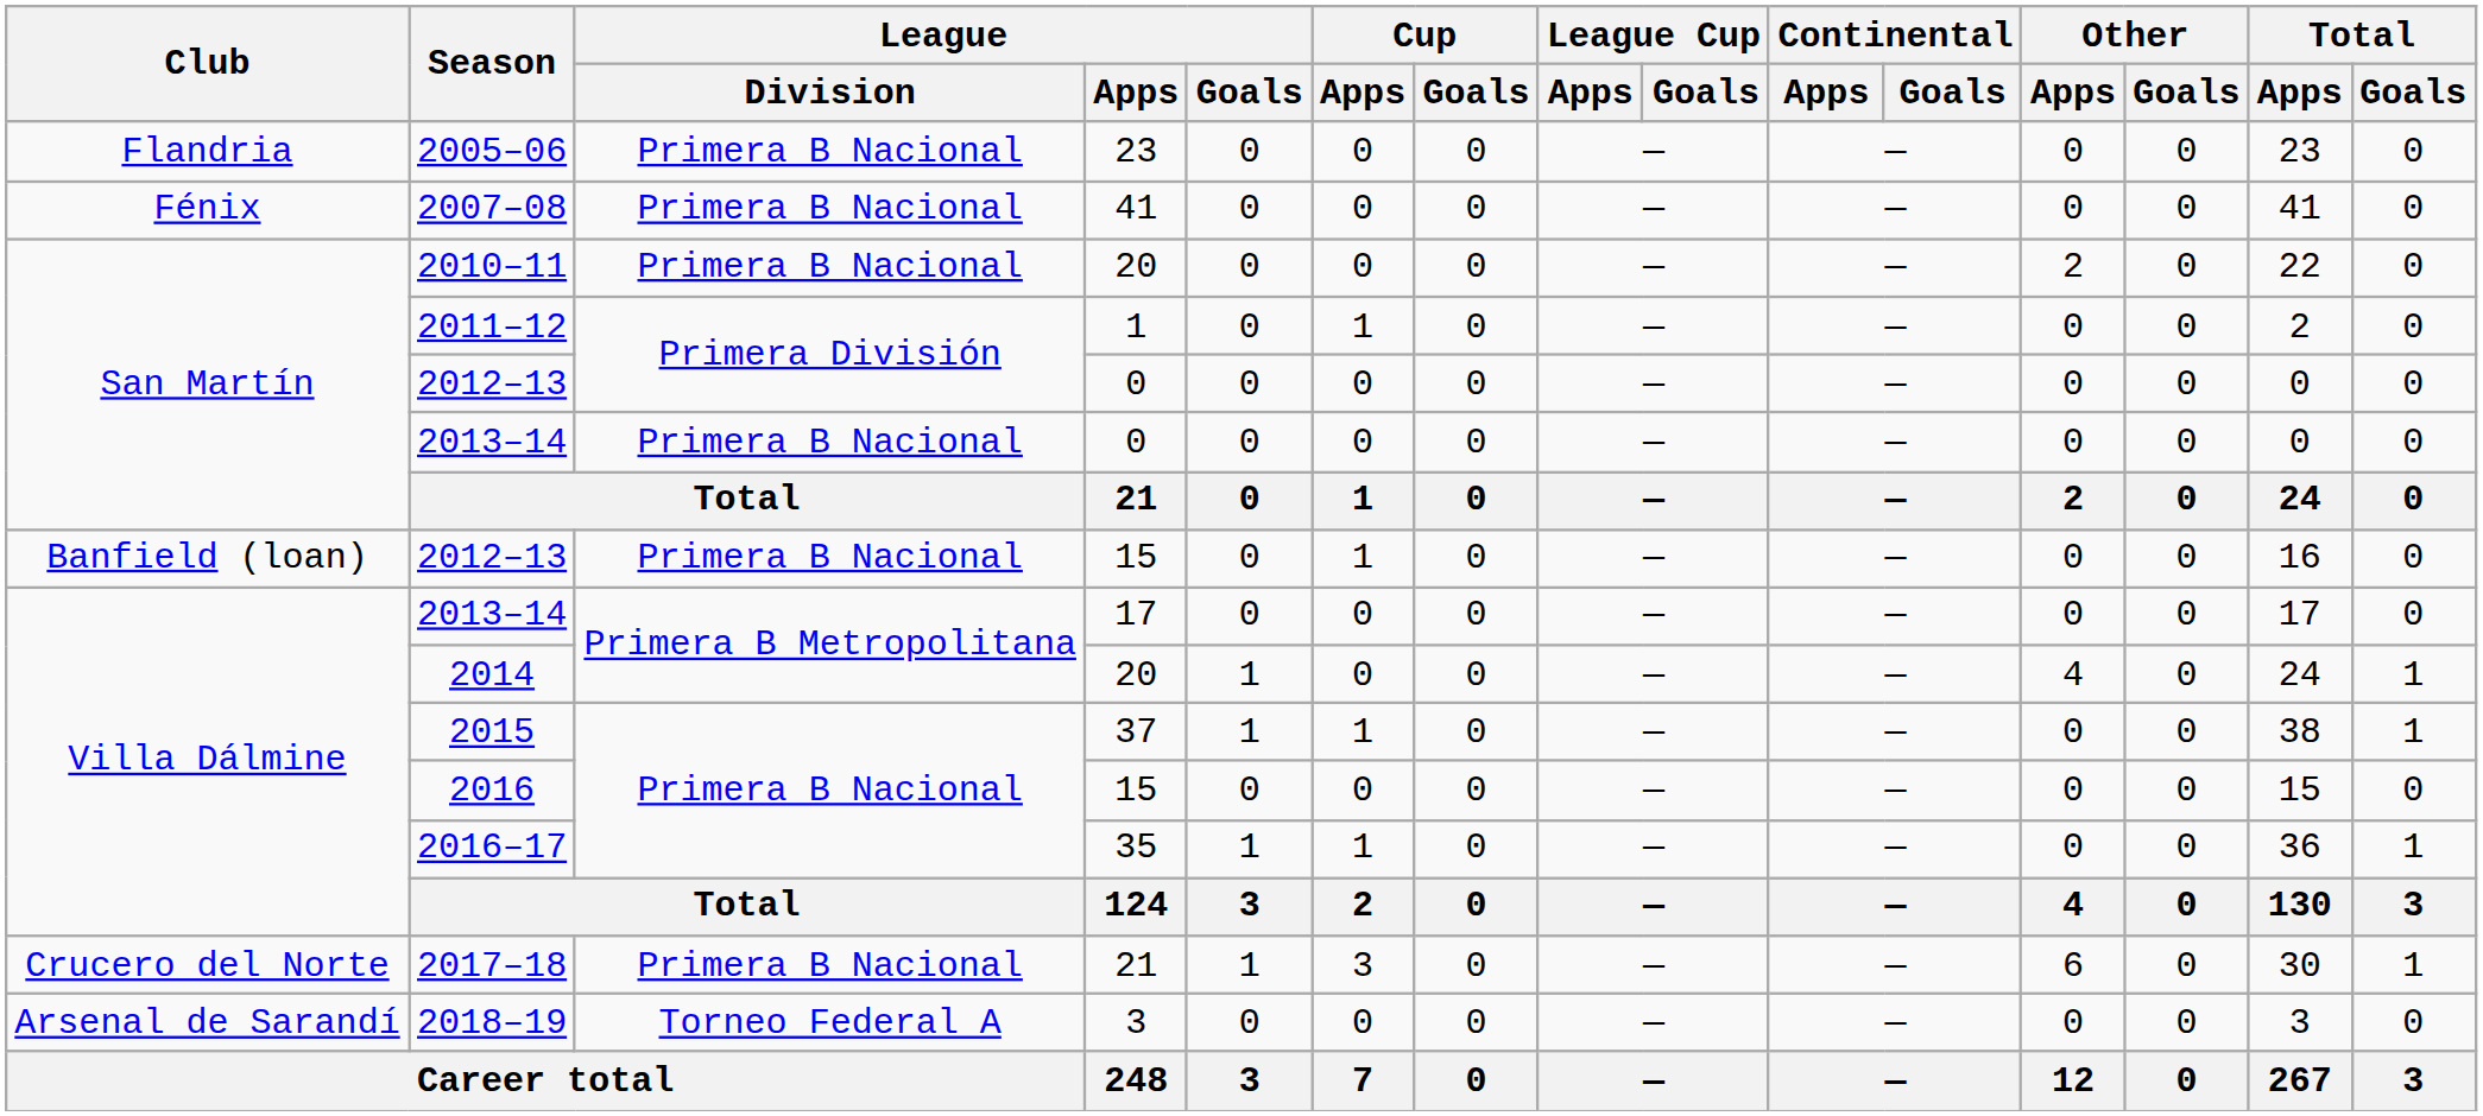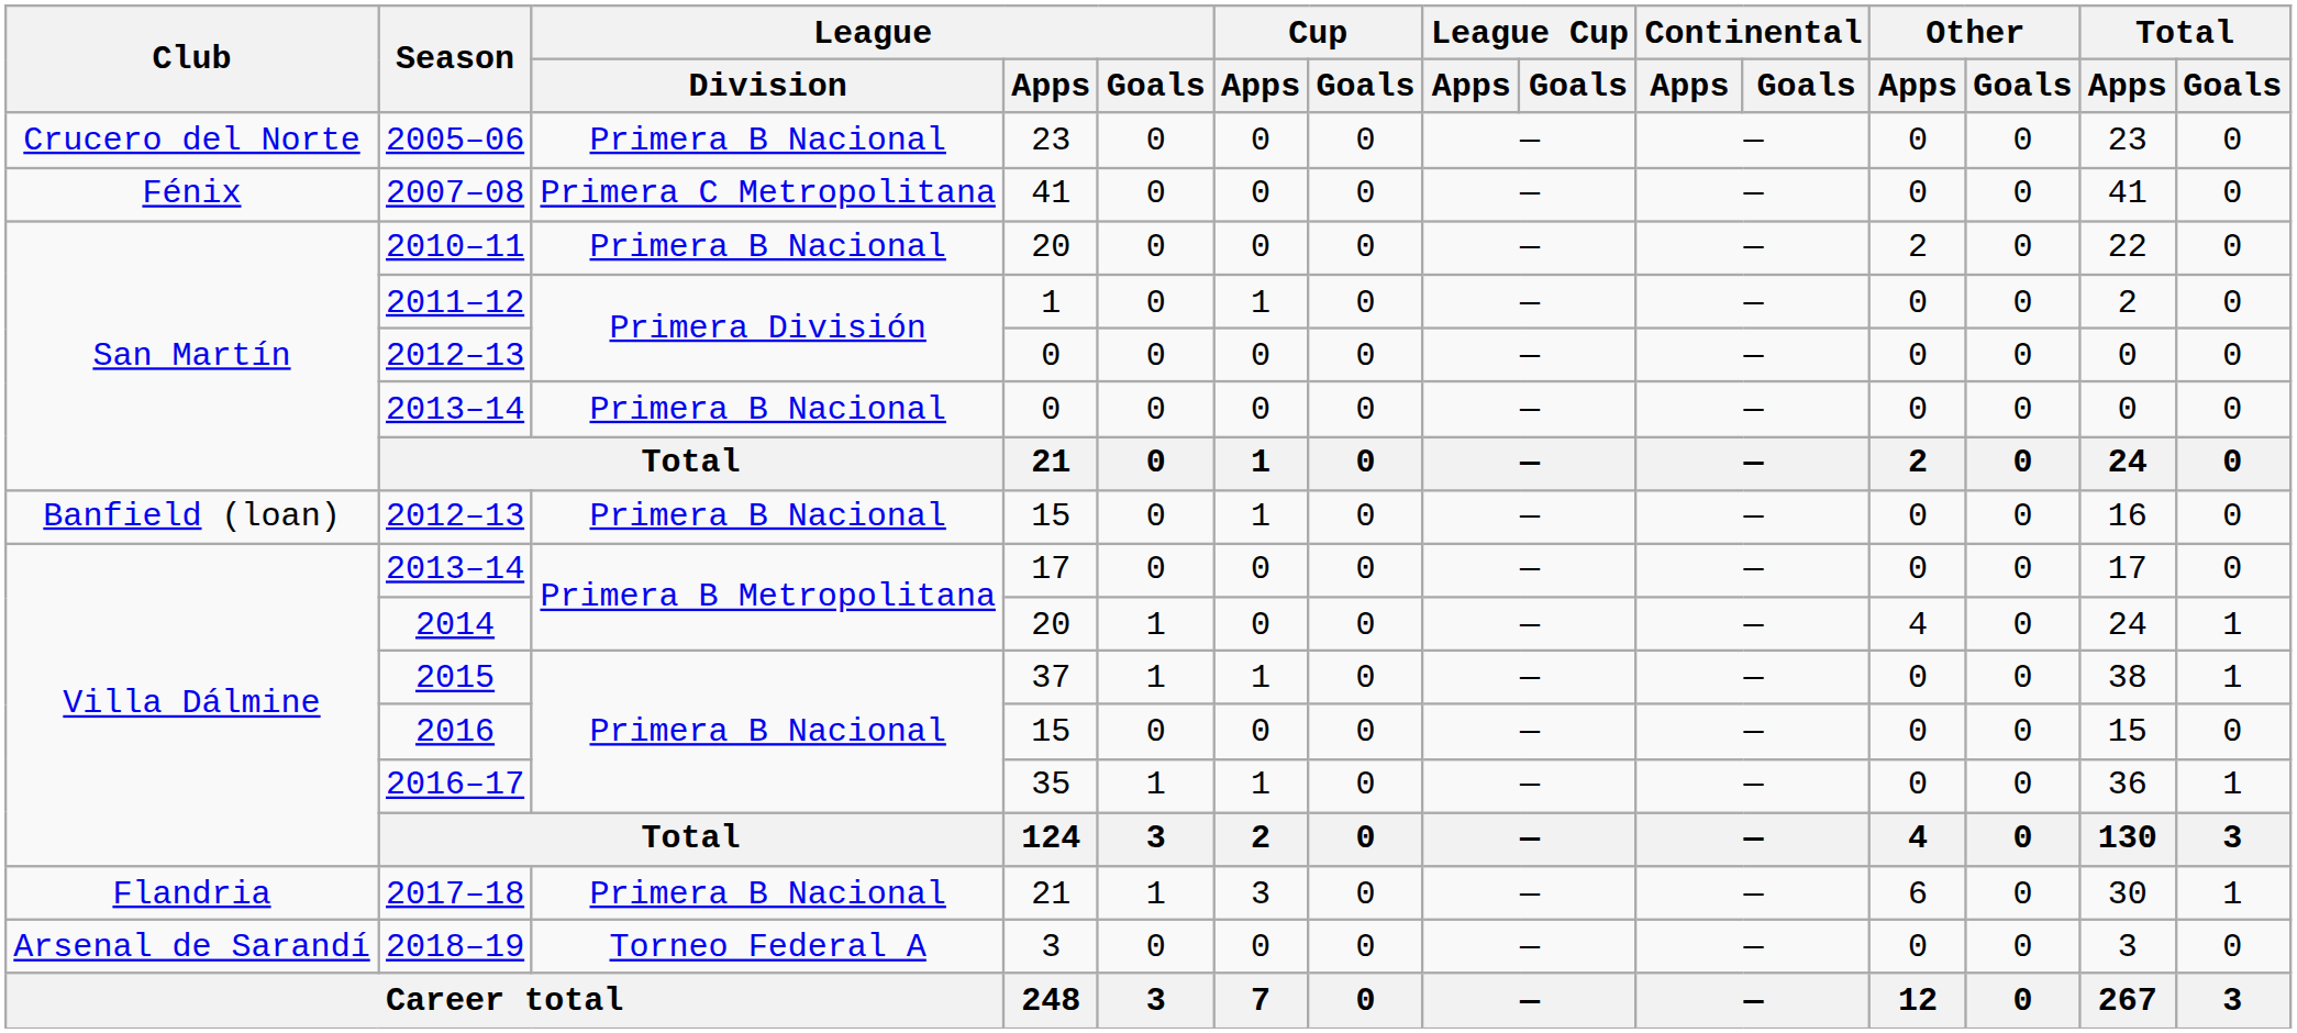 <table class="wikitable" style="text-align:center">
 <tr>
 <th rowspan="2">Club</th>
 <th rowspan="2">Season</th>
 <th colspan="3">League</th>
 <th colspan="2">Cup</th>
 <th colspan="2">League Cup</th>
 <th colspan="2">Continental</th>
 <th colspan="2">Other</th>
 <th colspan="2">Total</th>
 </tr>
 <tr>
 <th>Division</th>
 <th>Apps</th>
 <th>Goals</th>
 <th>Apps</th>
 <th>Goals</th>
 <th>Apps</th>
 <th>Goals</th>
 <th>Apps</th>
 <th>Goals</th>
 <th>Apps</th>
 <th>Goals</th>
 <th>Apps</th>
 <th>Goals</th>
 </tr>
 <tr>
-<td rowspan="1"><a href='#'>Flandria</a></td>
+<td rowspan="1"><a href='#'>Crucero del Norte</a></td>
 <td><a href='#'>2005–06</a></td>
 <td rowspan="1"><a href='#'>Primera B Nacional</a></td>
 <td>23</td>
 <td>0</td>
 <td>0</td>
 <td>0</td>
 <td colspan="2">—</td>
 <td colspan="2">—</td>
 <td>0</td>
 <td>0</td>
 <td>23</td>
 <td>0</td>
 </tr>
 <tr>
 <td rowspan="1"><a href='#'>Fénix</a></td>
 <td><a href='#'>2007–08</a></td>
-<td rowspan="1"><a href='#'>Primera B Nacional</a></td>
+<td rowspan="1"><a href='#'>Primera C Metropolitana</a></td>
 <td>41</td>
 <td>0</td>
 <td>0</td>
 <td>0</td>
 <td colspan="2">—</td>
 <td colspan="2">—</td>
 <td>0</td>
 <td>0</td>
 <td>41</td>
 <td>0</td>
 </tr>
 <tr>
 <td rowspan="5"><a href='#'>San Martín</a></td>
 <td><a href='#'>2010–11</a></td>
 <td rowspan="1"><a href='#'>Primera B Nacional</a></td>
 <td>20</td>
 <td>0</td>
 <td>0</td>
 <td>0</td>
 <td colspan="2">—</td>
 <td colspan="2">—</td>
 <td>2</td>
 <td>0</td>
 <td>22</td>
 <td>0</td>
 </tr>
 <tr>
 <td><a href='#'>2011–12</a></td>
 <td rowspan="2"><a href='#'>Primera División</a></td>
 <td>1</td>
 <td>0</td>
 <td>1</td>
 <td>0</td>
 <td colspan="2">—</td>
 <td colspan="2">—</td>
 <td>0</td>
 <td>0</td>
 <td>2</td>
 <td>0</td>
 </tr>
 <tr>
 <td><a href='#'>2012–13</a></td>
 <td>0</td>
 <td>0</td>
 <td>0</td>
 <td>0</td>
 <td colspan="2">—</td>
 <td colspan="2">—</td>
 <td>0</td>
 <td>0</td>
 <td>0</td>
 <td>0</td>
 </tr>
 <tr>
 <td><a href='#'>2013–14</a></td>
 <td rowspan="1"><a href='#'>Primera B Nacional</a></td>
 <td>0</td>
 <td>0</td>
 <td>0</td>
 <td>0</td>
 <td colspan="2">—</td>
 <td colspan="2">—</td>
 <td>0</td>
 <td>0</td>
 <td>0</td>
 <td>0</td>
 </tr>
 <tr>
 <th colspan="2">Total</th>
 <th>21</th>
 <th>0</th>
 <th>1</th>
 <th>0</th>
 <th colspan="2">—</th>
 <th colspan="2">—</th>
 <th>2</th>
 <th>0</th>
 <th>24</th>
 <th>0</th>
 </tr>
 <tr>
 <td rowspan="1"><a href='#'>Banfield</a> (loan)</td>
 <td><a href='#'>2012–13</a></td>
 <td rowspan="1"><a href='#'>Primera B Nacional</a></td>
 <td>15</td>
 <td>0</td>
 <td>1</td>
 <td>0</td>
 <td colspan="2">—</td>
 <td colspan="2">—</td>
 <td>0</td>
 <td>0</td>
 <td>16</td>
 <td>0</td>
 </tr>
 <tr>
 <td rowspan="6"><a href='#'>Villa Dálmine</a></td>
 <td><a href='#'>2013–14</a></td>
 <td rowspan="2"><a href='#'>Primera B Metropolitana</a></td>
 <td>17</td>
 <td>0</td>
 <td>0</td>
 <td>0</td>
 <td colspan="2">—</td>
 <td colspan="2">—</td>
 <td>0</td>
 <td>0</td>
 <td>17</td>
 <td>0</td>
 </tr>
 <tr>
 <td><a href='#'>2014</a></td>
 <td>20</td>
 <td>1</td>
 <td>0</td>
 <td>0</td>
 <td colspan="2">—</td>
 <td colspan="2">—</td>
 <td>4</td>
 <td>0</td>
 <td>24</td>
 <td>1</td>
 </tr>
 <tr>
 <td><a href='#'>2015</a></td>
 <td rowspan="3"><a href='#'>Primera B Nacional</a></td>
 <td>37</td>
 <td>1</td>
 <td>1</td>
 <td>0</td>
 <td colspan="2">—</td>
 <td colspan="2">—</td>
 <td>0</td>
 <td>0</td>
 <td>38</td>
 <td>1</td>
 </tr>
 <tr>
 <td><a href='#'>2016</a></td>
 <td>15</td>
 <td>0</td>
 <td>0</td>
 <td>0</td>
 <td colspan="2">—</td>
 <td colspan="2">—</td>
 <td>0</td>
 <td>0</td>
 <td>15</td>
 <td>0</td>
 </tr>
 <tr>
 <td><a href='#'>2016–17</a></td>
 <td>35</td>
 <td>1</td>
 <td>1</td>
 <td>0</td>
 <td colspan="2">—</td>
 <td colspan="2">—</td>
 <td>0</td>
 <td>0</td>
 <td>36</td>
 <td>1</td>
 </tr>
 <tr>
 <th colspan="2">Total</th>
 <th>124</th>
 <th>3</th>
 <th>2</th>
 <th>0</th>
 <th colspan="2">—</th>
 <th colspan="2">—</th>
 <th>4</th>
 <th>0</th>
 <th>130</th>
 <th>3</th>
 </tr>
 <tr>
-<td rowspan="1"><a href='#'>Crucero del Norte</a></td>
+<td rowspan="1"><a href='#'>Flandria</a></td>
 <td><a href='#'>2017–18</a></td>
 <td rowspan="1"><a href='#'>Primera B Nacional</a></td>
 <td>21</td>
 <td>1</td>
 <td>3</td>
 <td>0</td>
 <td colspan="2">—</td>
 <td colspan="2">—</td>
 <td>6</td>
 <td>0</td>
 <td>30</td>
 <td>1</td>
 </tr>
 <tr>
 <td rowspan="1"><a href='#'>Arsenal de Sarandí</a></td>
 <td><a href='#'>2018–19</a></td>
 <td rowspan="1"><a href='#'>Torneo Federal A</a></td>
 <td>3</td>
 <td>0</td>
 <td>0</td>
 <td>0</td>
 <td colspan="2">—</td>
 <td colspan="2">—</td>
 <td>0</td>
 <td>0</td>
 <td>3</td>
 <td>0</td>
 </tr>
 <tr>
 <th colspan="3">Career total</th>
 <th>248</th>
 <th>3</th>
 <th>7</th>
 <th>0</th>
 <th colspan="2">—</th>
 <th colspan="2">—</th>
 <th>12</th>
 <th>0</th>
 <th>267</th>
 <th>3</th>
 </tr>
 </table>
